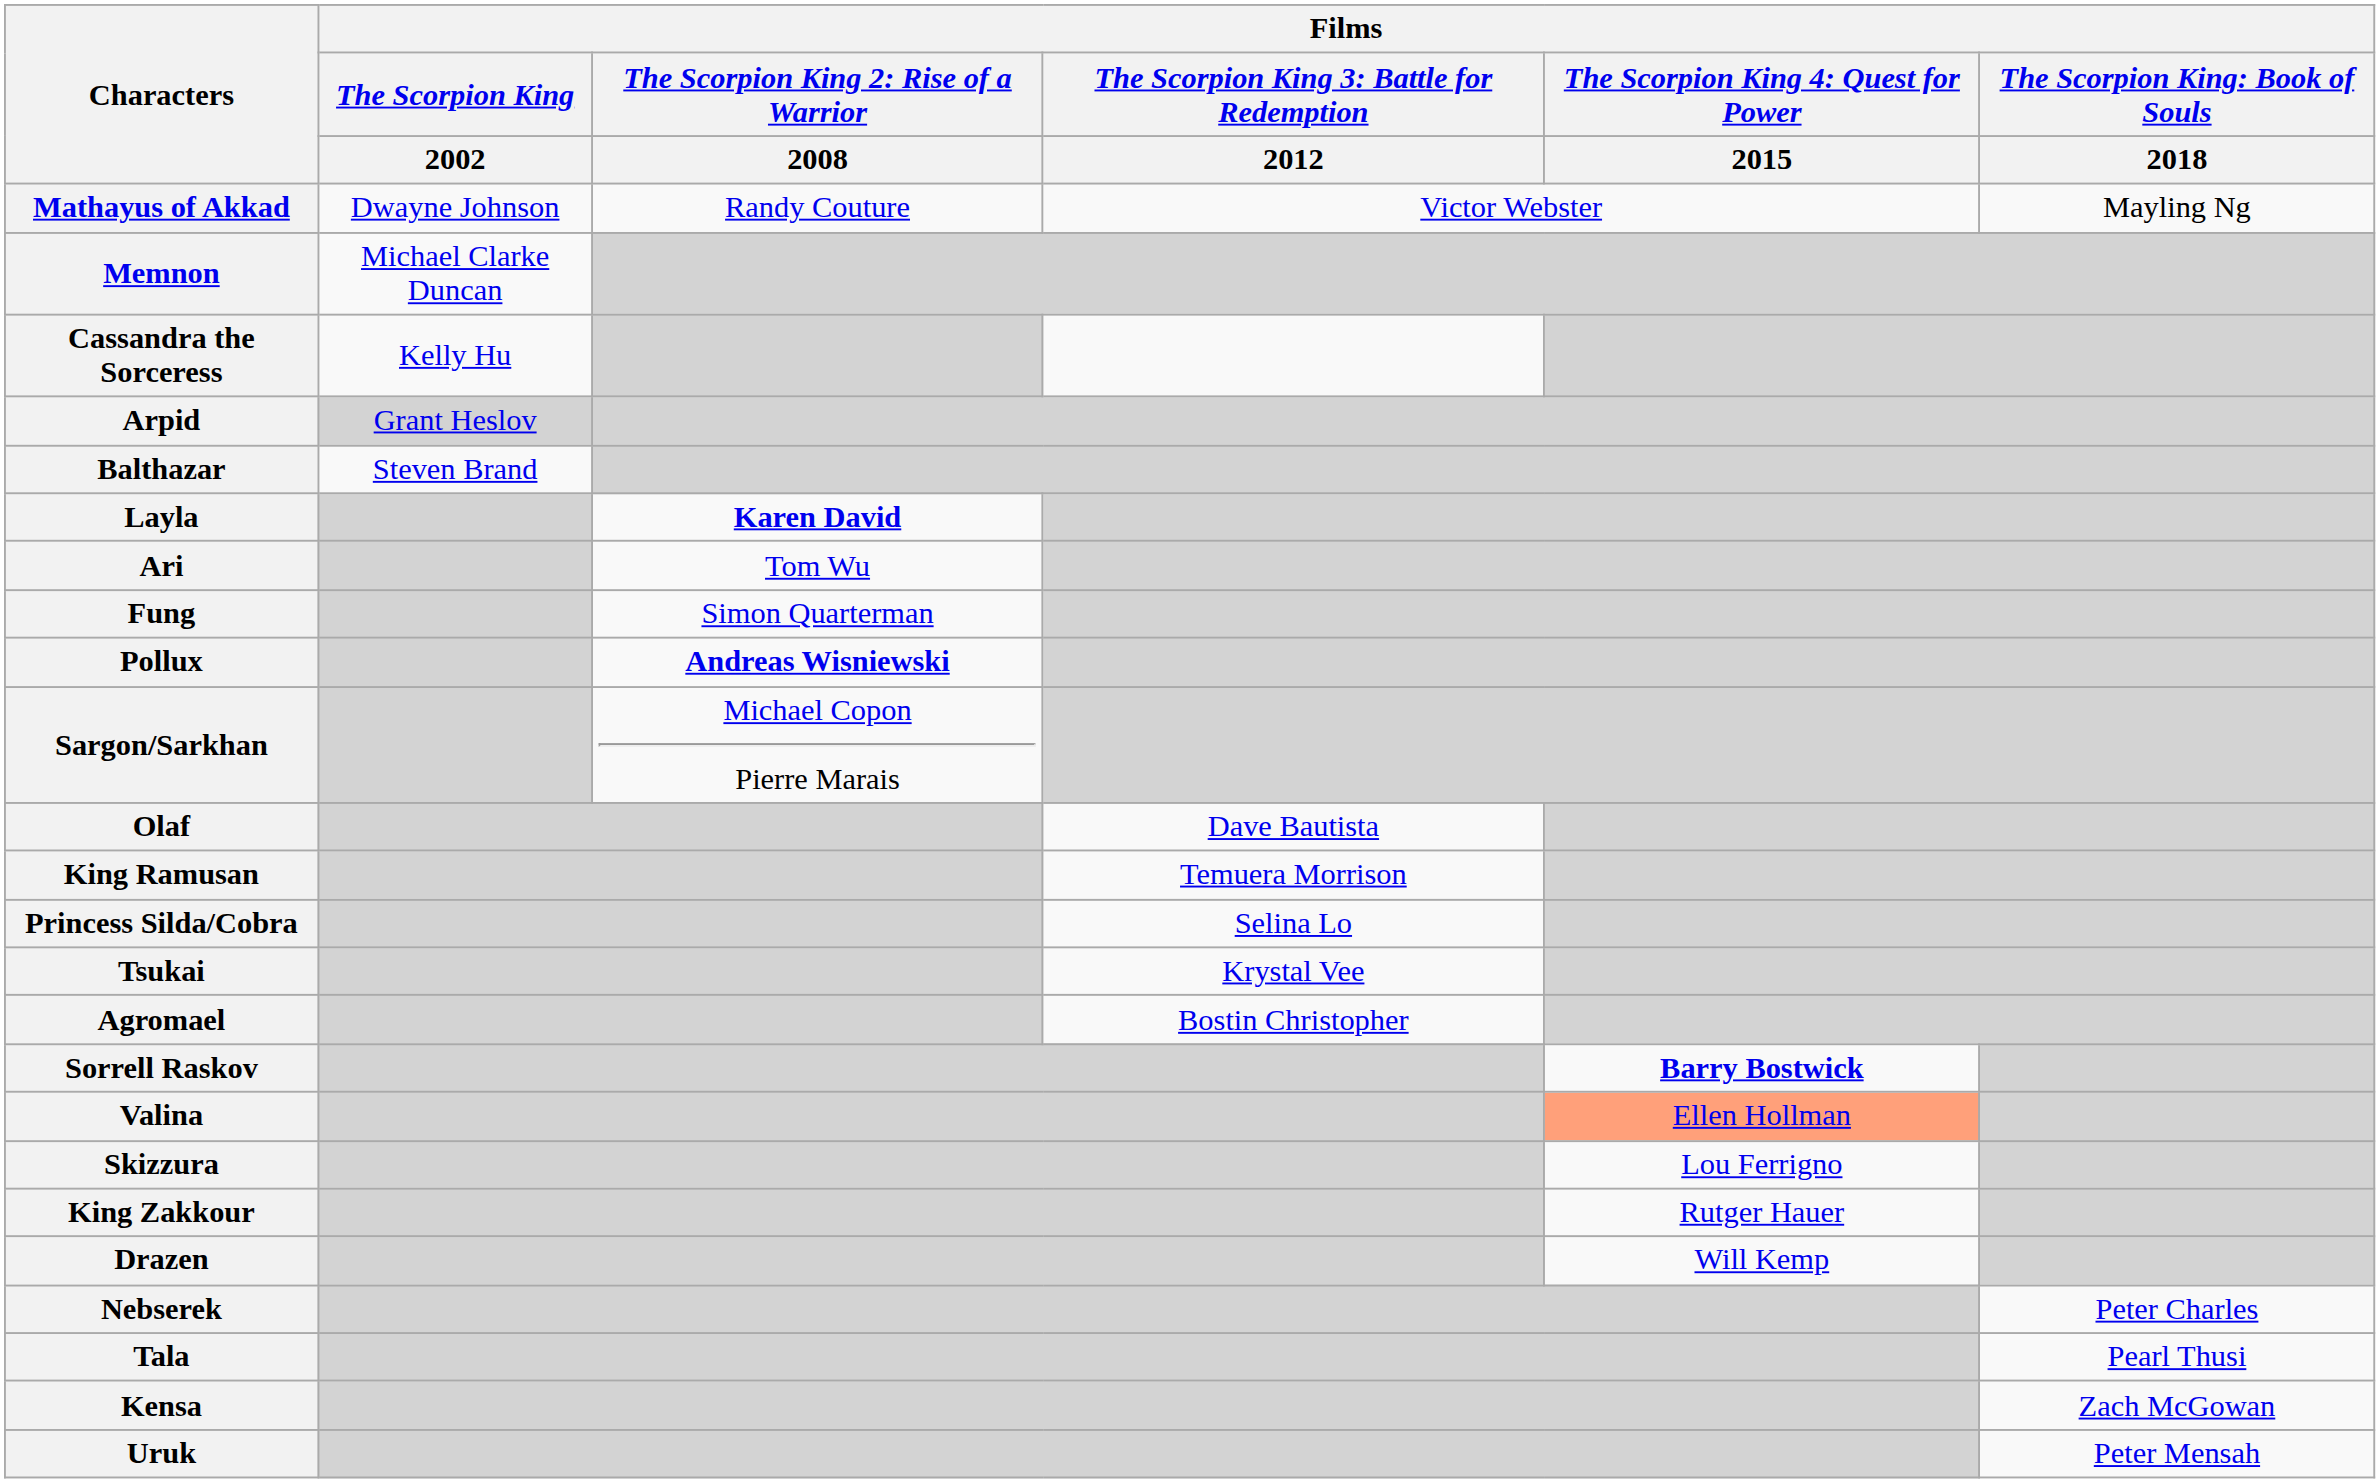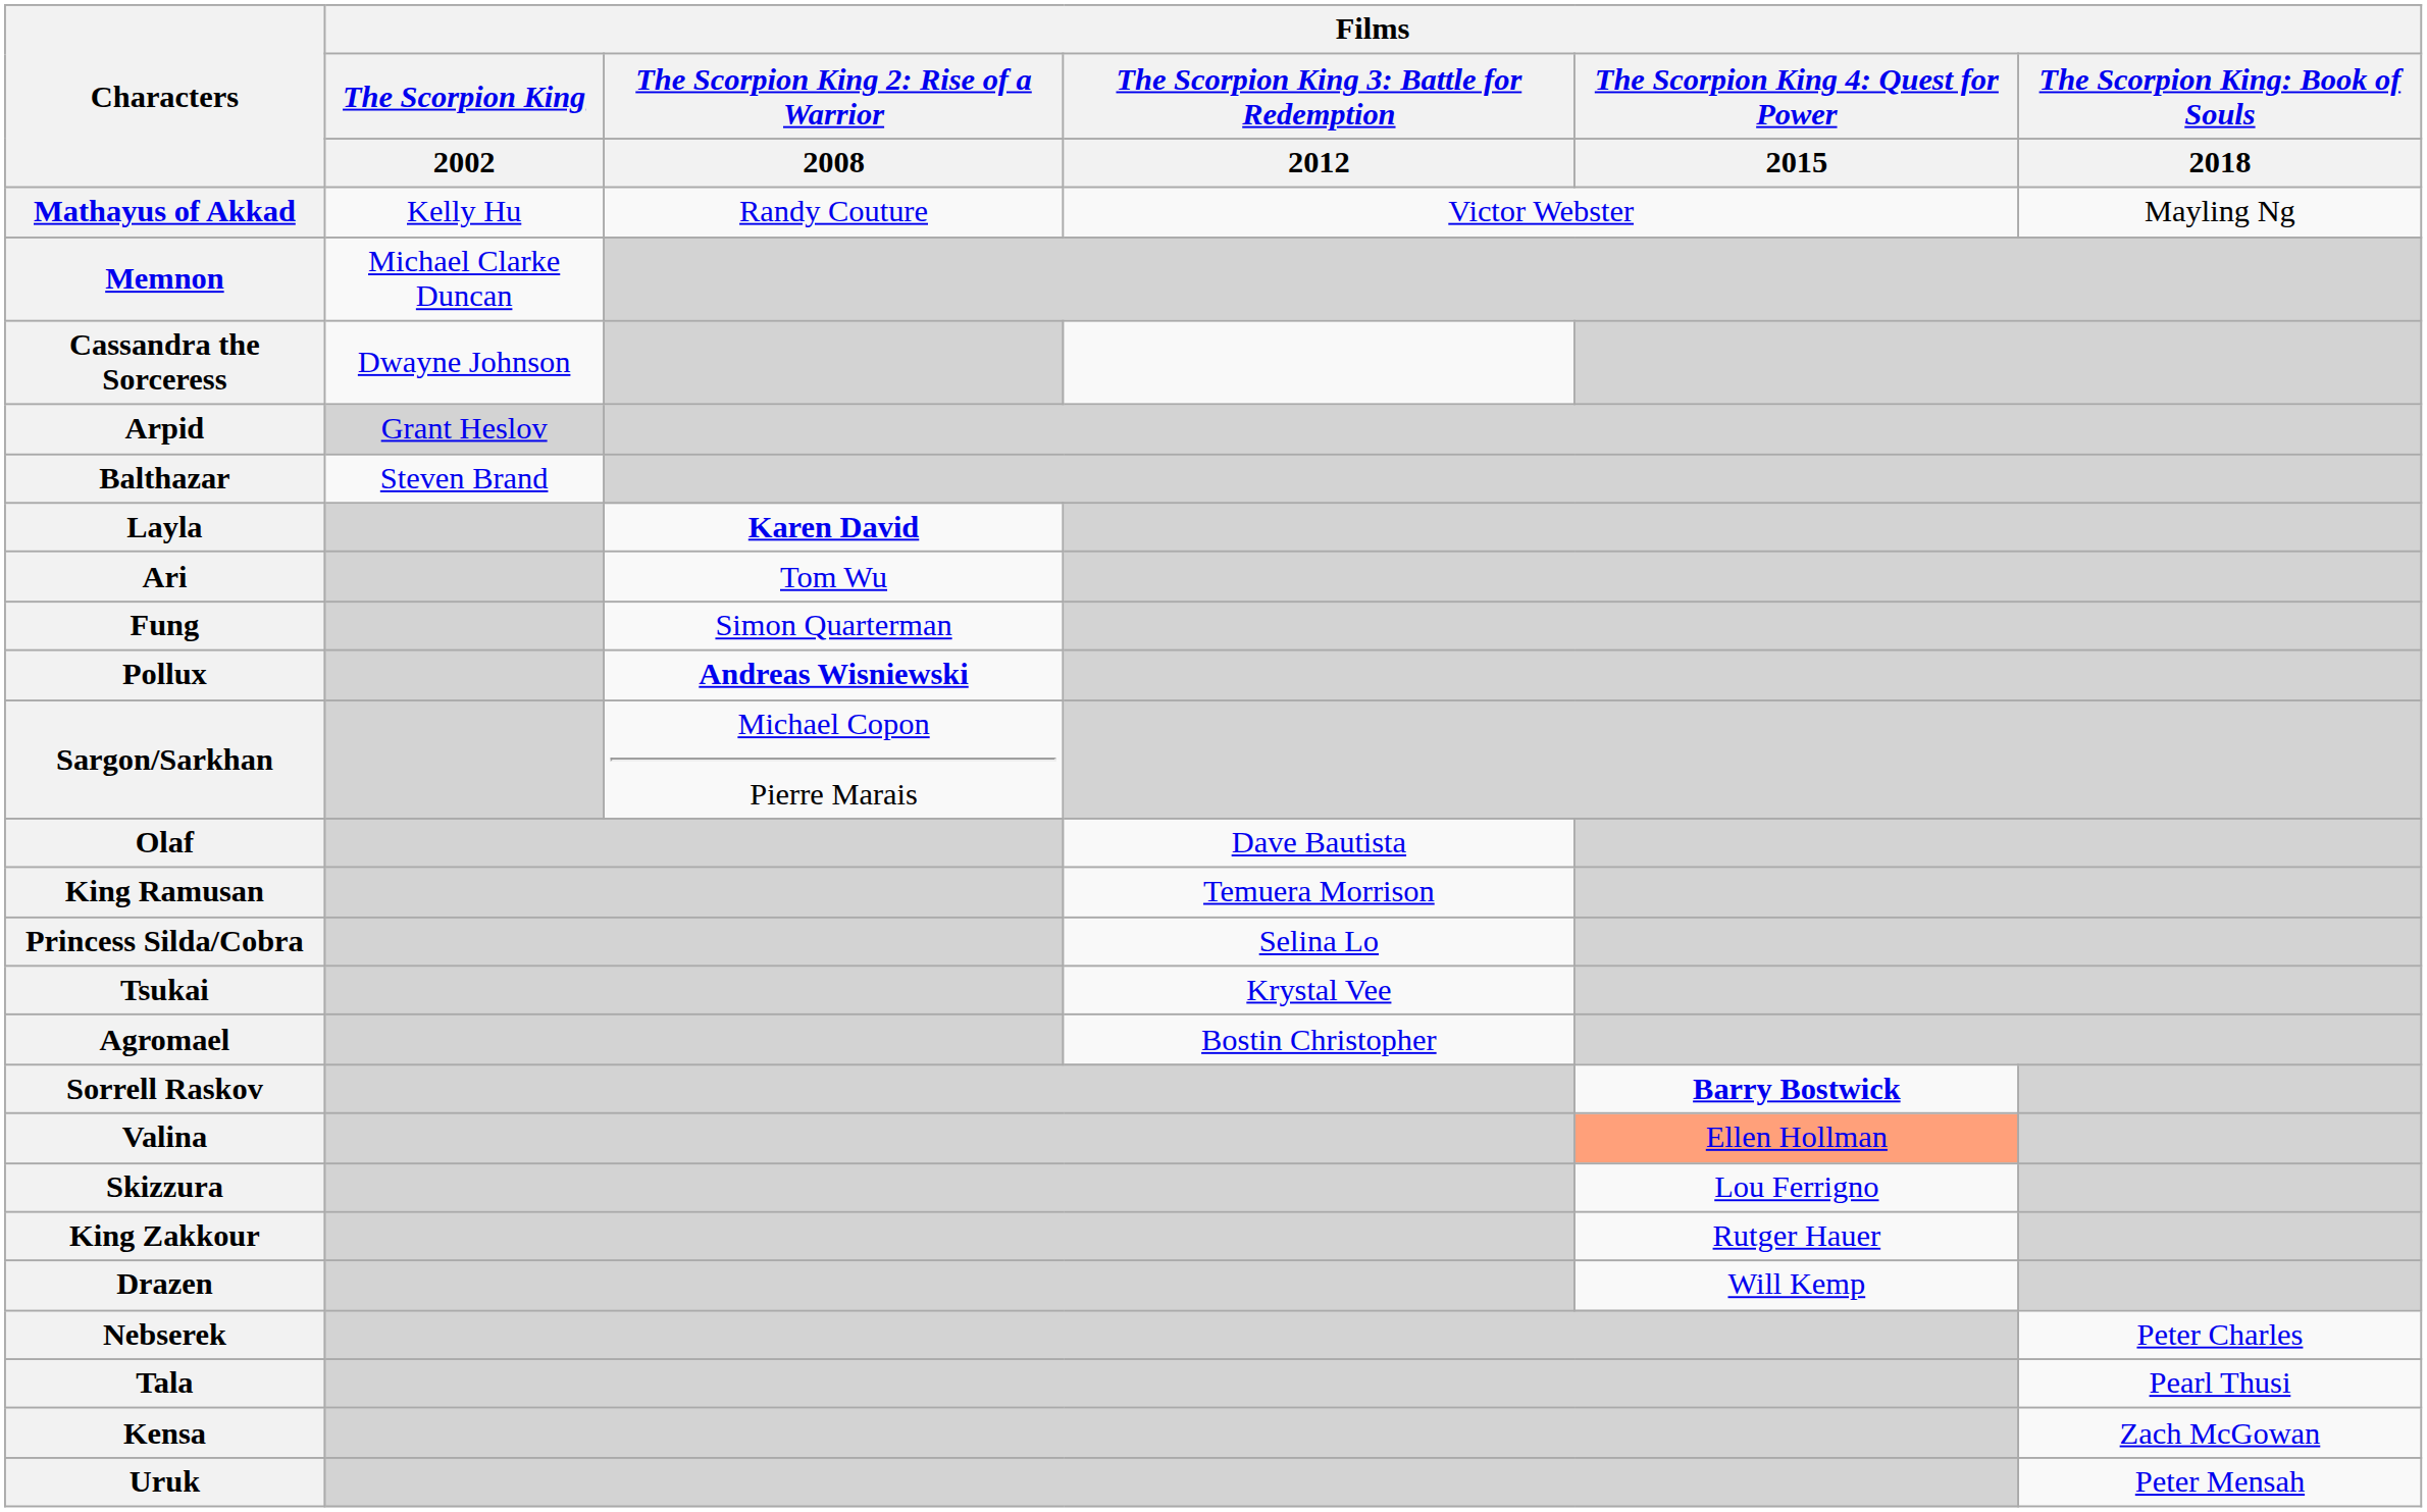 <table class="wikitable" style="text-align:center;">
 <tr>
 <th rowspan="3">Characters</th>
 <th colspan="5">Films</th>
 </tr>
 <tr>
 <th><em><a href='#'>The Scorpion King</a></em></th>
 <th><em><a href='#'>The Scorpion King 2: Rise of a Warrior</a></em></th>
 <th><em><a href='#'>The Scorpion King 3: Battle for Redemption</a></em></th>
 <th><em><a href='#'>The Scorpion King 4: Quest for Power</a></em></th>
 <th><em><a href='#'>The Scorpion King: Book of Souls</a></em></th>
 </tr>
 <tr>
 <th>2002</th>
 <th>2008</th>
 <th>2012</th>
 <th>2015</th>
 <th>2018</th>
 </tr>
 <tr>
 <th><a href='#'>Mathayus of Akkad <br></a></th>
-<td><a href='#'>Dwayne Johnson</a></td>
+<td><a href='#'>Kelly Hu</a></td>
 <td><a href='#'>Randy Couture</a></td>
 <td colspan="2"><a href='#'>Victor Webster</a></td>
 <td>Mayling Ng</td>
 </tr>
 <tr>
 <th><a href='#'>Memnon</a></th>
 <td><a href='#'>Michael Clarke Duncan</a></td>
 <td colspan="4" style="background:lightgrey;"> </td>
 </tr>
 <tr>
 <th>Cassandra the Sorceress</th>
-<td><a href='#'>Kelly Hu</a></td>
+<td><a href='#'>Dwayne Johnson</a></td>
 <td style="background:lightgrey;"> </td>
 <td></td>
 <td colspan="3" style="background:lightgrey;"> </td>
 </tr>
 <tr>
 <th>Arpid</th>
 <td style="background: lightgrey;"><a href='#'>Grant Heslov</a></td>
 <td colspan="4" style="background:lightgrey;"> </td>
 </tr>
 <tr>
 <th>Balthazar</th>
 <td><a href='#'>Steven Brand</a></td>
 <td colspan="4" style="background:lightgrey;"> </td>
 </tr>
 <tr>
 <th>Layla</th>
 <td style="background:lightgrey;"> </td>
 <td><strong><a href='#'>Karen David</a></strong></td>
 <td colspan="3" style="background:lightgrey;"> </td>
 </tr>
 <tr>
 <th>Ari</th>
 <td style="background:lightgrey;"> </td>
 <td><a href='#'>Tom Wu</a></td>
 <td colspan="3" style="background:lightgrey;"> </td>
 </tr>
 <tr>
 <th>Fung</th>
 <td style="background:lightgrey;"> </td>
 <td><a href='#'>Simon Quarterman</a></td>
 <td colspan="3" style="background:lightgrey;"> </td>
 </tr>
 <tr>
 <th>Pollux</th>
 <td style="background:lightgrey;"> </td>
 <td><strong><a href='#'>Andreas Wisniewski</a></strong></td>
 <td colspan="3" style="background:lightgrey;"> </td>
 </tr>
 <tr>
 <th>Sargon/Sarkhan</th>
 <td style="background:lightgrey;"> </td>
 <td><a href='#'>Michael Copon</a><hr>Pierre Marais</td>
 <td colspan="3" style="background:lightgrey;"> </td>
 </tr>
 <tr>
 <th>Olaf</th>
 <td colspan="2" style="background:lightgrey;"> </td>
 <td><a href='#'>Dave Bautista</a></td>
 <td colspan="2" style="background:lightgrey;"> </td>
 </tr>
 <tr>
 <th>King Ramusan</th>
 <td colspan="2" style="background:lightgrey;"> </td>
 <td><a href='#'>Temuera Morrison</a></td>
 <td colspan="2" style="background:lightgrey;"> </td>
 </tr>
 <tr>
 <th>Princess Silda/Cobra</th>
 <td colspan="2" style="background:lightgrey;"> </td>
 <td><a href='#'>Selina Lo</a></td>
 <td colspan="2" style="background:lightgrey;"> </td>
 </tr>
 <tr>
 <th>Tsukai</th>
 <td colspan="2" style="background:lightgrey;"> </td>
 <td><a href='#'>Krystal Vee</a></td>
 <td colspan="2" style="background:lightgrey;"> </td>
 </tr>
 <tr>
 <th>Agromael</th>
 <td colspan="2" style="background:lightgrey;"> </td>
 <td><a href='#'>Bostin Christopher</a></td>
 <td colspan="2" style="background:lightgrey;"> </td>
 </tr>
 <tr>
 <th>Sorrell Raskov</th>
 <td colspan="3" style="background:lightgrey;"> </td>
 <td><strong><a href='#'>Barry Bostwick</a></strong></td>
 <td style="background:lightgrey;"> </td>
 </tr>
 <tr>
 <th>Valina</th>
 <td colspan="3" style="background:lightgrey;"> </td>
 <td style="background: lightsalmon;"><a href='#'>Ellen Hollman</a></td>
 <td style="background:lightgrey;"> </td>
 </tr>
 <tr>
 <th>Skizzura</th>
 <td colspan="3" style="background:lightgrey;"> </td>
 <td><a href='#'>Lou Ferrigno</a></td>
 <td style="background:lightgrey;"> </td>
 </tr>
 <tr>
 <th>King Zakkour</th>
 <td colspan="3" style="background:lightgrey;"> </td>
 <td><a href='#'>Rutger Hauer</a></td>
 <td style="background:lightgrey;"> </td>
 </tr>
 <tr>
 <th>Drazen</th>
 <td colspan="3" style="background:lightgrey;"> </td>
 <td><a href='#'>Will Kemp</a></td>
 <td style="background:lightgrey;"> </td>
 </tr>
 <tr>
 <th>Nebserek</th>
 <td colspan="4" style="background:lightgrey;"> </td>
 <td><a href='#'>Peter Charles</a></td>
 </tr>
 <tr>
 <th>Tala</th>
 <td colspan="4" style="background:lightgrey;"> </td>
 <td><a href='#'>Pearl Thusi</a></td>
 </tr>
 <tr>
 <th>Kensa</th>
 <td colspan="4" style="background:lightgrey;"> </td>
 <td><a href='#'>Zach McGowan</a></td>
 </tr>
 <tr>
 <th>Uruk</th>
 <td colspan="4" style="background:lightgrey;"> </td>
 <td><a href='#'>Peter Mensah</a></td>
 </tr>
 </table>
